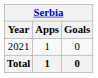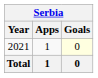 <table class="wikitable" style="text-align:center">
 <tr>
 <th colspan=3><a href='#'>Serbia</a></th>
 </tr>
 <tr>
 <th>Year</th>
 <th>Apps</th>
 <th>Goals</th>
 </tr>
 <tr>
 <td>2021</td>
 <td>1</td>
-<td>0</td>
+<td style="background: lightyellow;">0</td>
 </tr>
 <tr>
 <th>Total</th>
 <th>1</th>
 <th>0</th>
 </tr>
 </table>
